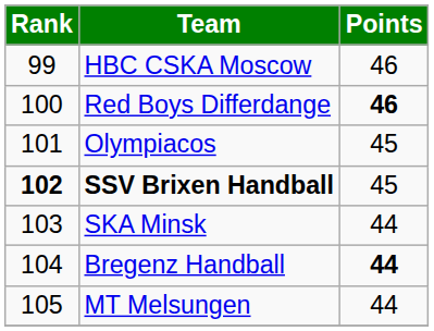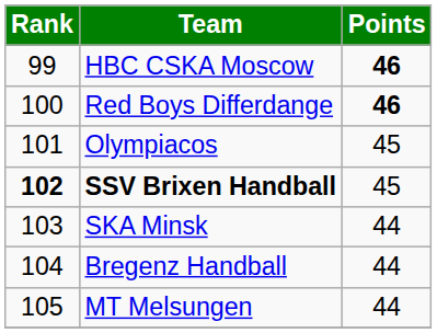 <table class="wikitable" style="text-align: center">
 <tr>
 <th style="color:#FFFFFF; background:green">Rank</th>
 <th style="color:#FFFFFF; background:green">Team</th>
 <th style="color:#FFFFFF; background:green">Points</th>
 </tr>
 <tr>
 <td>99</td>
 <td align=left> <a href='#'>HBC CSKA Moscow</a></td>
-<td>46</td>
+<td><strong>46</strong></td>
 </tr>
 <tr>
 <td>100</td>
 <td align=left> <a href='#'>Red Boys Differdange</a></td>
 <td><strong>46</strong></td>
 </tr>
 <tr>
 <td>101</td>
 <td align=left> <a href='#'>Olympiacos</a></td>
 <td>45</td>
 </tr>
 <tr>
 <td><strong>102</strong></td>
 <td align=left> <strong>SSV Brixen Handball</strong></td>
 <td>45</td>
 </tr>
 <tr>
 <td>103</td>
 <td align=left> <a href='#'>SKA Minsk</a></td>
 <td>44</td>
 </tr>
 <tr>
 <td>104</td>
 <td align=left> <a href='#'>Bregenz Handball</a></td>
-<td><strong>44</strong></td>
+<td>44</td>
 </tr>
 <tr>
 <td>105</td>
 <td align=left> <a href='#'>MT Melsungen</a></td>
 <td>44</td>
 </tr>
 <tr>
 </tr>
 </table>
